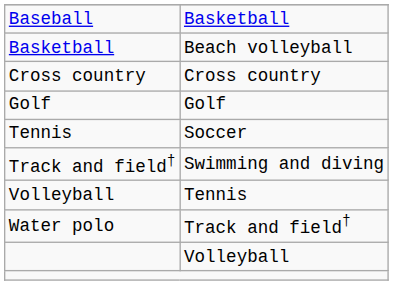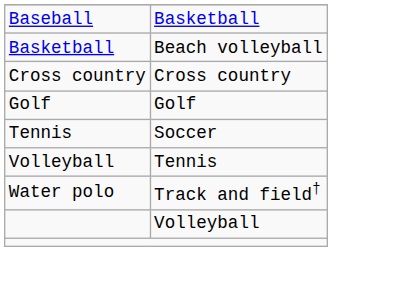 <table class="wikitable" style=" ">
 <tr>
 </tr>
 <tr>
 <td><a href='#'>Baseball</a></td>
 <td><a href='#'>Basketball</a></td>
 </tr>
 <tr>
 <td><a href='#'>Basketball</a></td>
 <td>Beach volleyball</td>
 </tr>
 <tr>
 <td>Cross country</td>
 <td>Cross country</td>
 </tr>
 <tr>
 <td>Golf</td>
 <td>Golf</td>
 </tr>
 <tr>
 <td>Tennis</td>
 <td>Soccer</td>
 </tr>
 <tr>
-<td>Track and field<sup>†</sup></td>
-<td>Swimming and diving</td>
-</tr>
-<tr>
 <td>Volleyball</td>
 <td>Tennis</td>
 </tr>
 <tr>
 <td>Water polo</td>
 <td>Track and field<sup>†</sup></td>
 </tr>
 <tr>
 <td></td>
 <td>Volleyball</td>
 </tr>
 <tr>
 <td colspan="2"></td>
 </tr>
 </table>
